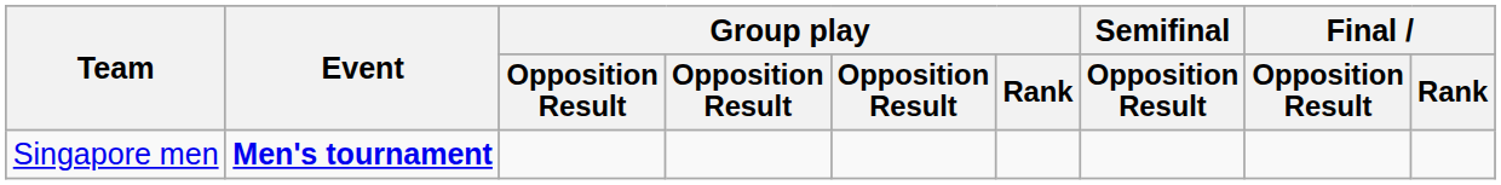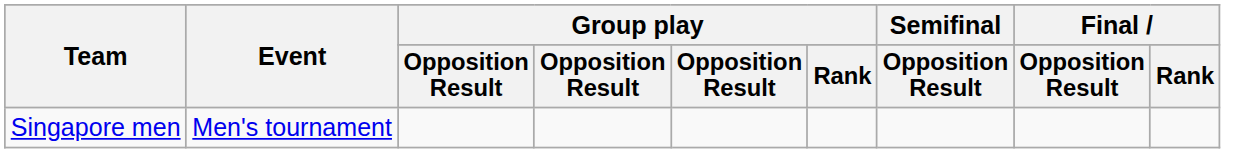 <table class=wikitable style=font-size:90%;text-align:center>
 <tr>
 <th rowspan=2>Team</th>
 <th rowspan=2>Event</th>
 <th colspan=4>Group play</th>
 <th>Semifinal</th>
 <th colspan=2>Final / </th>
 </tr>
 <tr style=font-size:95%>
 <th>Opposition<br>Result</th>
 <th>Opposition<br>Result</th>
 <th>Opposition<br>Result</th>
 <th>Rank</th>
 <th>Opposition<br>Result</th>
 <th>Opposition<br>Result</th>
 <th>Rank</th>
 </tr>
 <tr>
 <td align=left><a href='#'>Singapore men</a></td>
-<td align=left><strong><a href='#'>Men's tournament</a></strong></td>
+<td align=left><a href='#'>Men's tournament</a></td>
 <td></td>
 <td></td>
 <td></td>
 <td></td>
 <td></td>
 <td></td>
 <td></td>
 </tr>
 </table>
